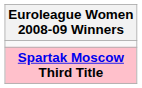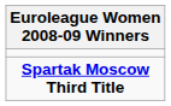 <table class="wikitable" style="text-align: center; margin: 0 auto;">
 <tr>
 <th>Euroleague Women<br>2008-09 Winners</th>
 </tr>
 <tr>
 <td></td>
 </tr>
 <tr>
-<td style="background: pink;"><strong><a href='#'>Spartak Moscow</a></strong><br><strong>Third Title</strong></td>
+<td><strong><a href='#'>Spartak Moscow</a></strong><br><strong>Third Title</strong></td>
 </tr>
 </table>
